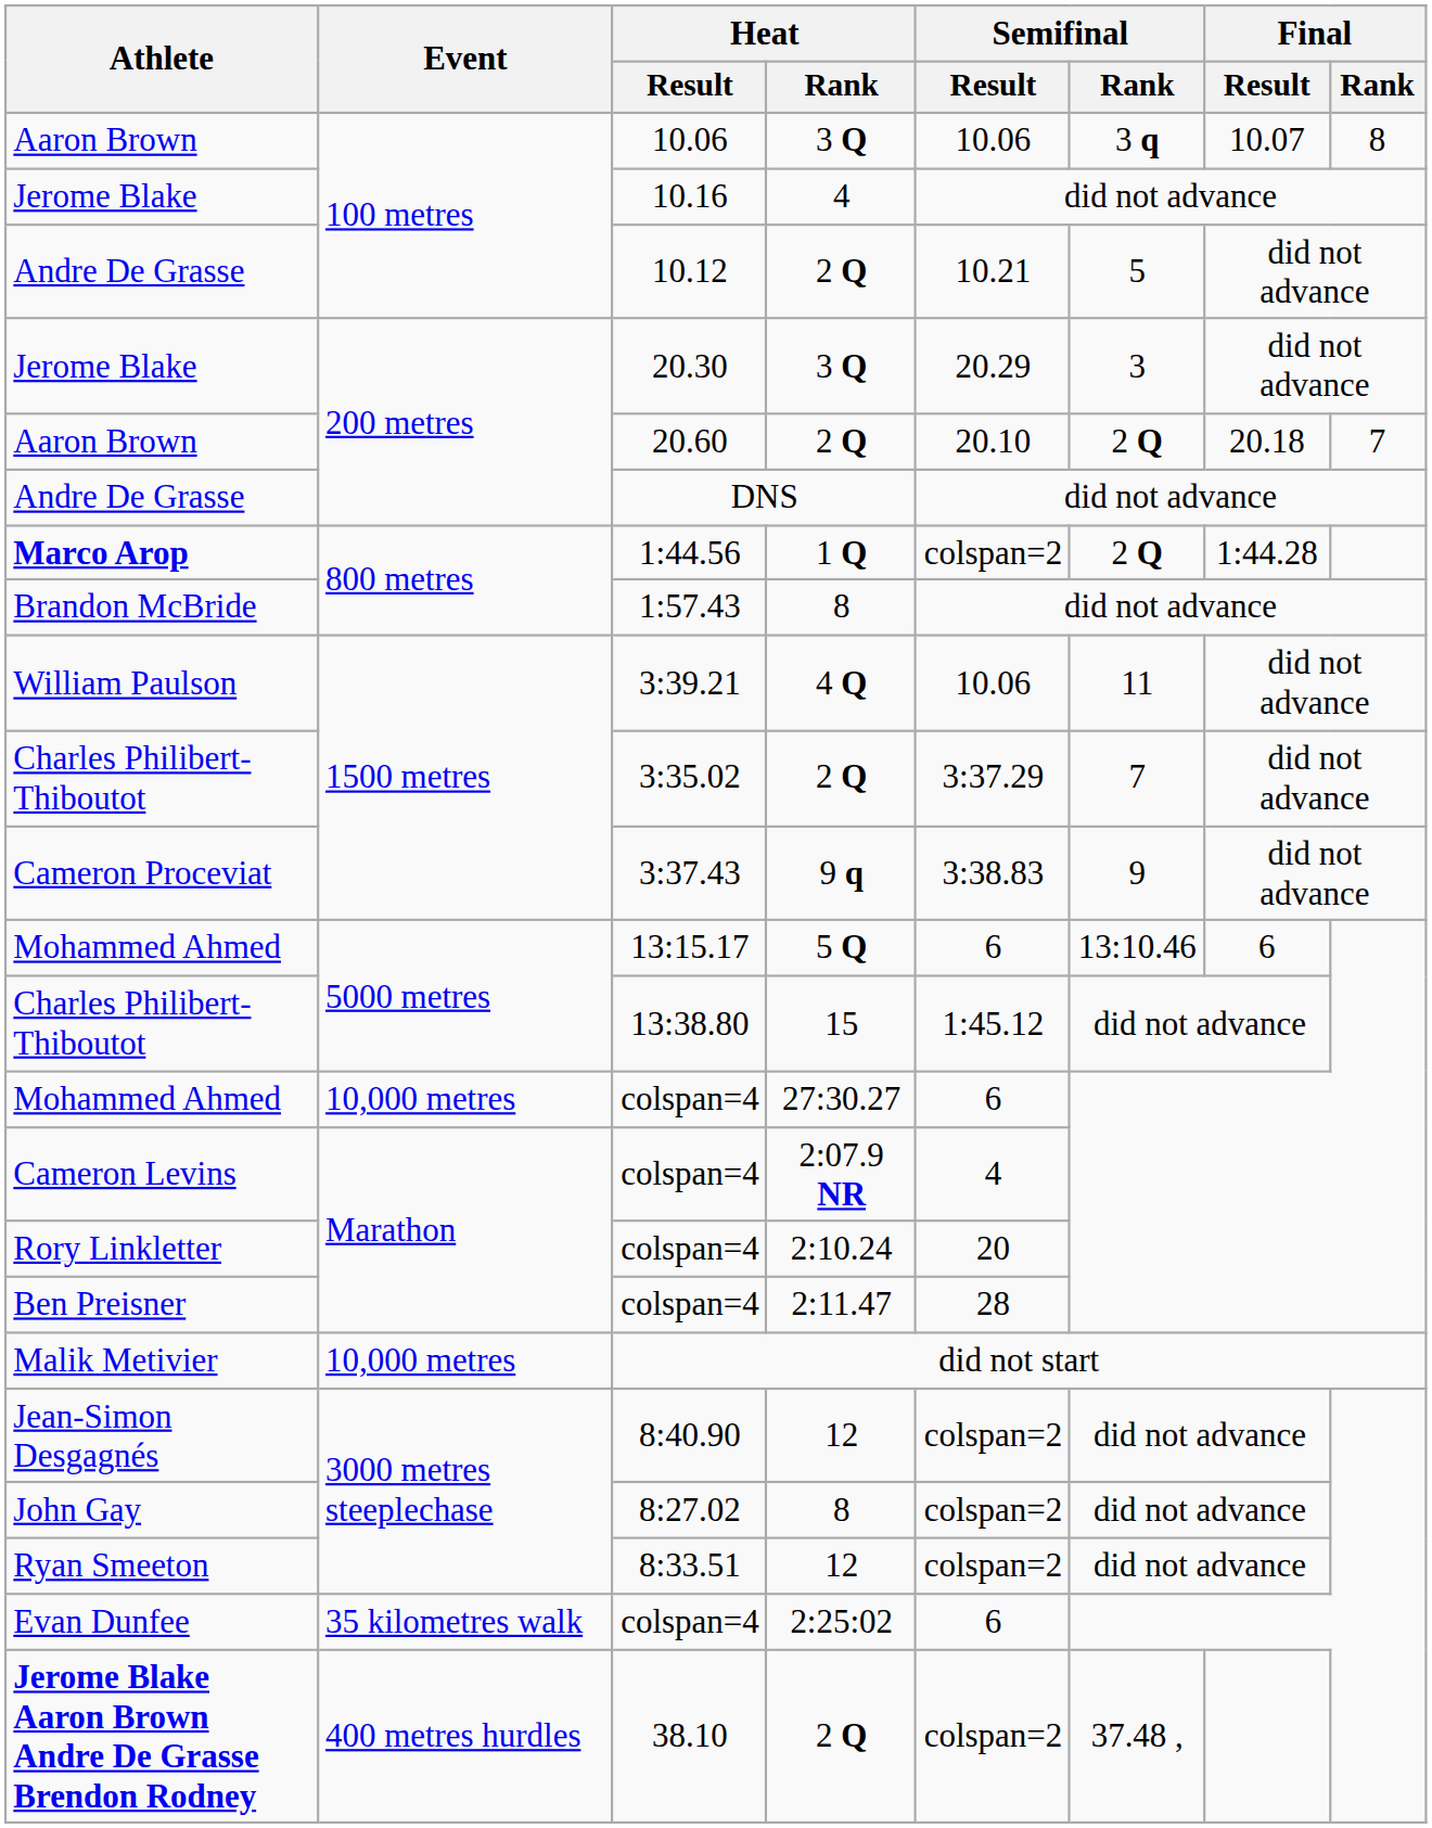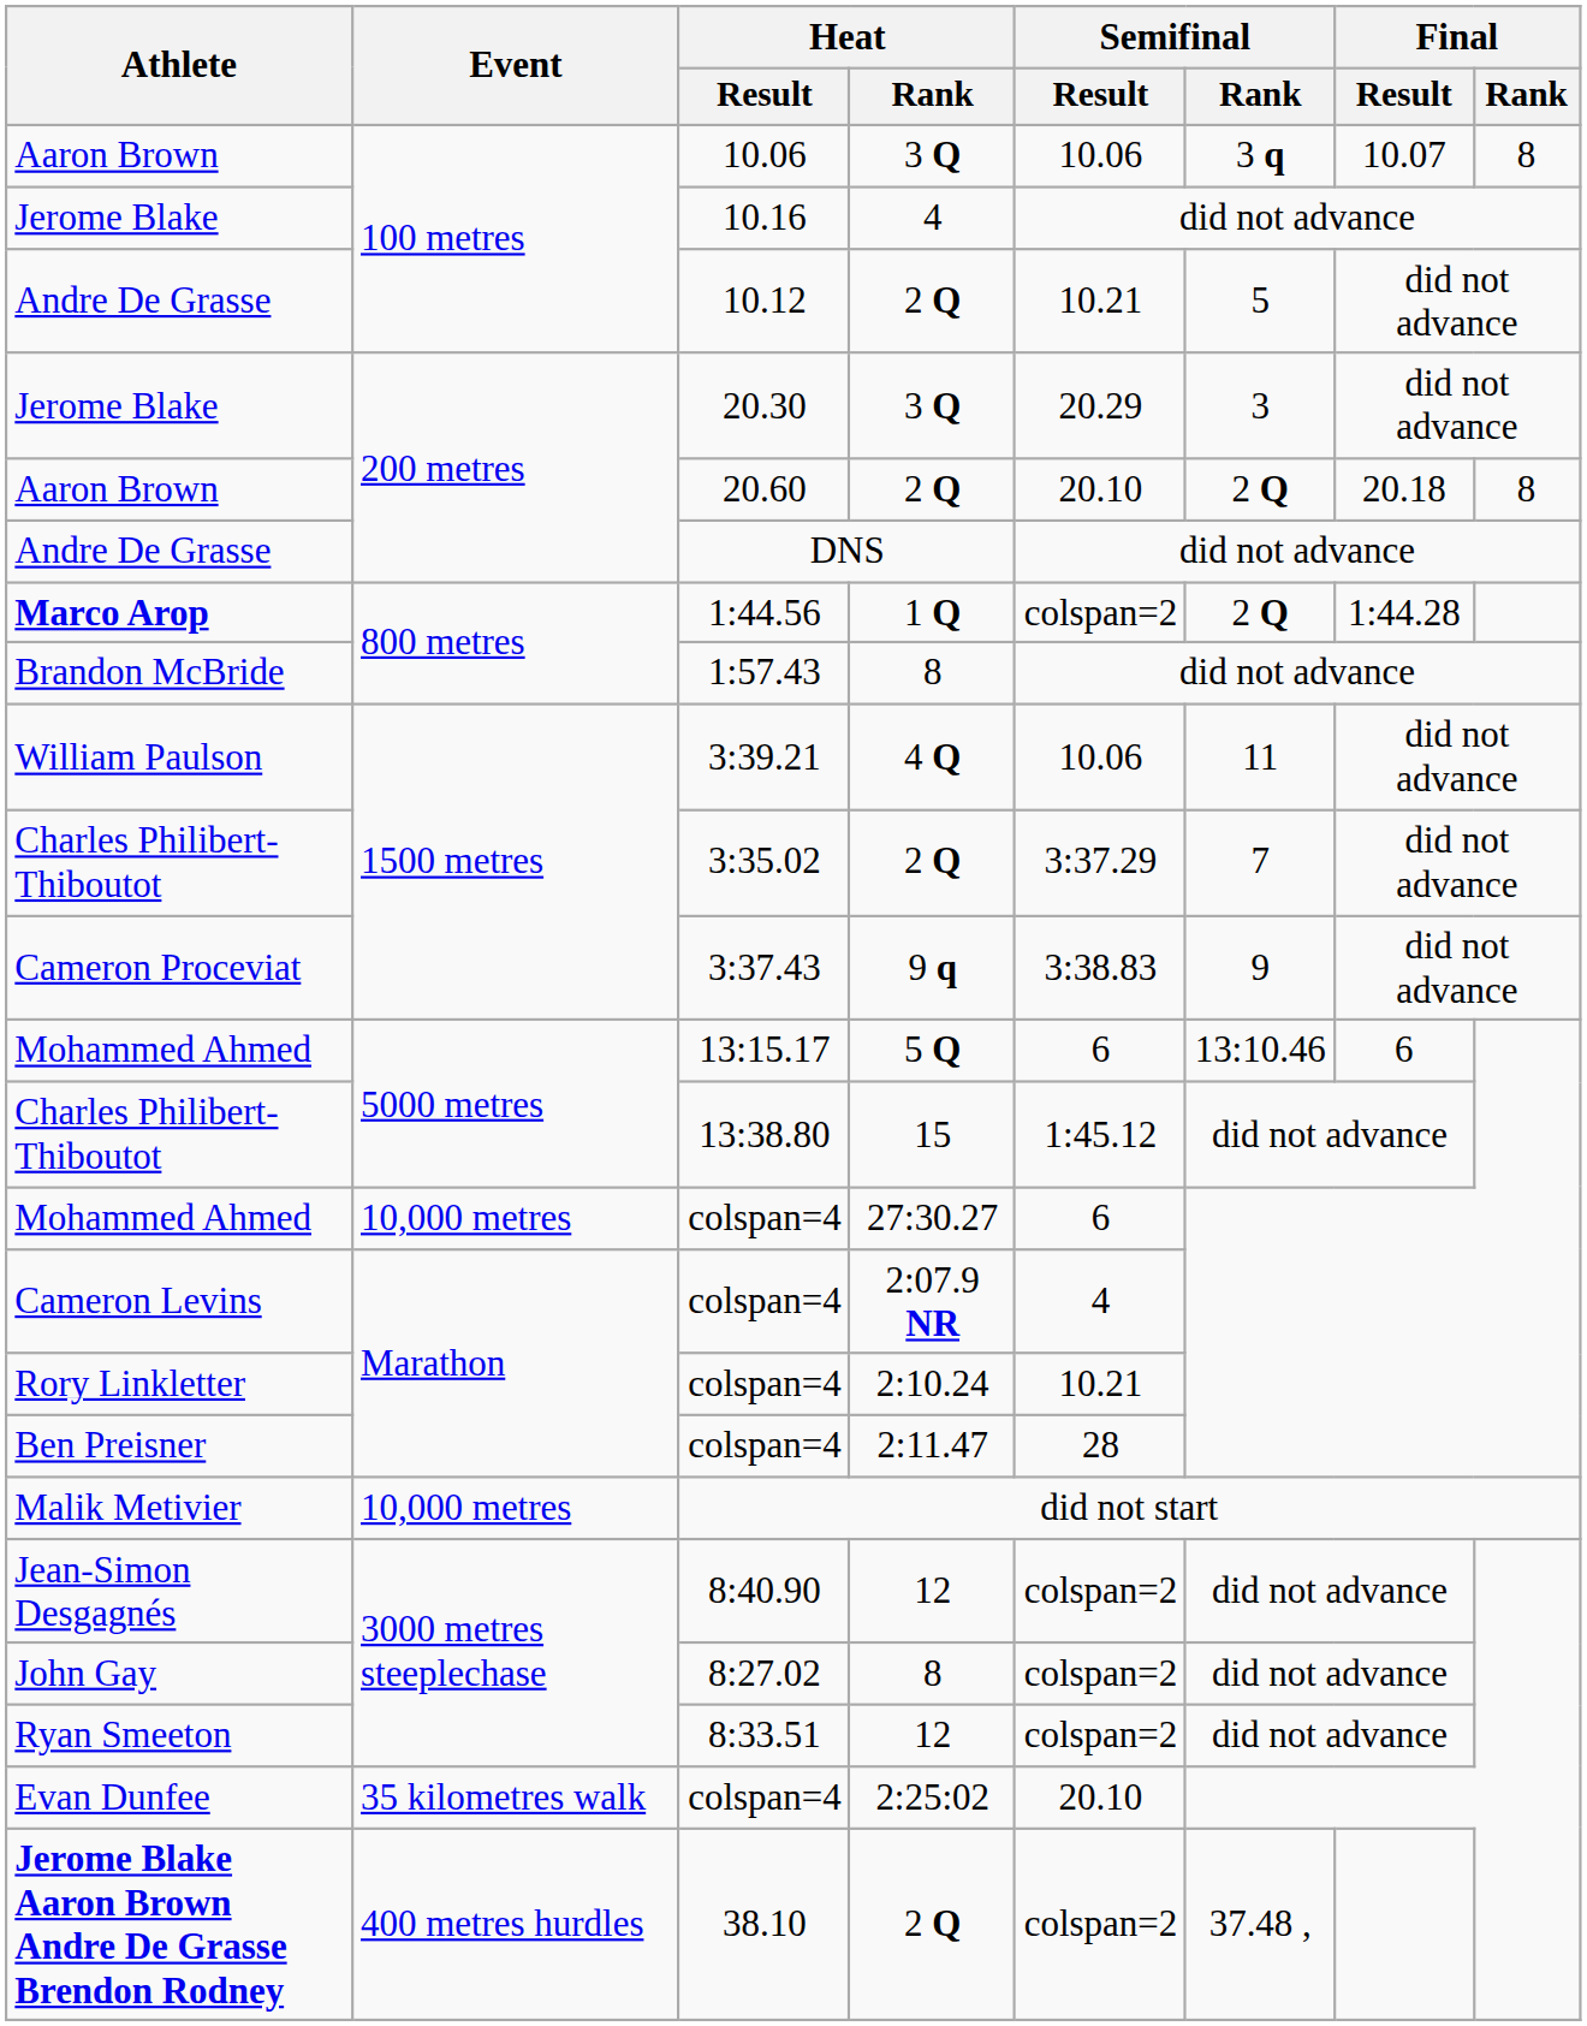 <table class="wikitable" style="font-size:90%">
 <tr>
 <th rowspan="2">Athlete</th>
 <th rowspan="2">Event</th>
 <th colspan="2">Heat</th>
 <th colspan="2">Semifinal</th>
 <th colspan="2">Final</th>
 </tr>
 <tr style="font-size:95%">
 <th>Result</th>
 <th>Rank</th>
 <th>Result</th>
 <th>Rank</th>
 <th>Result</th>
 <th>Rank</th>
 </tr>
 <tr align=center>
 <td align=left><a href='#'>Aaron Brown</a></td>
 <td align=left rowspan=3><a href='#'>100 metres</a></td>
 <td>10.06 </td>
 <td>3 <strong>Q</strong></td>
 <td>10.06</td>
 <td>3 <strong>q</strong></td>
 <td>10.07</td>
 <td>8</td>
 </tr>
 <tr align=center>
 <td align=left><a href='#'>Jerome Blake</a></td>
 <td>10.16</td>
 <td>4</td>
 <td colspan=4>did not advance</td>
 </tr>
 <tr align=center>
 <td align=left><a href='#'>Andre De Grasse</a></td>
 <td>10.12</td>
 <td>2 <strong>Q</strong></td>
 <td>10.21</td>
 <td>5</td>
 <td colspan="2">did not advance</td>
 </tr>
 <tr align=center>
 <td align=left><a href='#'>Jerome Blake</a></td>
 <td align=left rowspan=3><a href='#'>200 metres</a></td>
 <td>20.30</td>
 <td>3 <strong>Q</strong></td>
 <td>20.29</td>
 <td>3</td>
 <td colspan="2">did not advance</td>
 </tr>
 <tr align=center>
 <td align=left><a href='#'>Aaron Brown</a></td>
 <td>20.60</td>
 <td>2 <strong>Q</strong></td>
 <td>20.10</td>
 <td>2 <strong>Q</strong></td>
 <td>20.18</td>
-<td>7</td>
+<td>8</td>
 </tr>
 <tr align=center>
 <td align=left><a href='#'>Andre De Grasse</a></td>
 <td colspan="2">DNS</td>
 <td colspan="4">did not advance</td>
 </tr>
 <tr align=center>
 <td align=left><strong><a href='#'>Marco Arop</a></strong></td>
 <td align=left rowspan=2><a href='#'>800 metres</a></td>
 <td>1:44.56</td>
 <td>1 <strong>Q</strong></td>
 <td>colspan=2 </td>
 <td>2 <strong>Q</strong></td>
 <td>1:44.28</td>
 <td></td>
 </tr>
 <tr align=center>
 <td align=left><a href='#'>Brandon McBride</a></td>
 <td>1:57.43</td>
 <td>8</td>
 <td colspan="4">did not advance</td>
 </tr>
 <tr align=center>
 <td align=left><a href='#'>William Paulson</a></td>
 <td align=left rowspan=3><a href='#'>1500 metres</a></td>
 <td>3:39.21</td>
 <td>4 <strong>Q</strong></td>
 <td>10.06</td>
 <td>11</td>
 <td colspan="2">did not advance</td>
 </tr>
 <tr align=center>
 <td align=left><a href='#'>Charles Philibert-Thiboutot</a></td>
 <td>3:35.02</td>
 <td>2 <strong>Q</strong></td>
 <td>3:37.29</td>
 <td>7</td>
 <td colspan="2">did not advance</td>
 </tr>
 <tr align=center>
 <td align=left><a href='#'>Cameron Proceviat</a></td>
 <td>3:37.43</td>
 <td>9 <strong>q</strong></td>
 <td>3:38.83</td>
 <td>9</td>
 <td colspan="2">did not advance</td>
 </tr>
 <tr align=center>
 <td align=left><a href='#'>Mohammed Ahmed</a></td>
 <td align=left rowspan=2><a href='#'>5000 metres</a></td>
 <td>13:15.17</td>
 <td>5 <strong>Q</strong></td>
 <td>6</td>
 <td>13:10.46</td>
 <td>6</td>
 </tr>
 <tr align=center>
 <td align=left><a href='#'>Charles Philibert-Thiboutot</a></td>
 <td>13:38.80</td>
 <td>15</td>
 <td>1:45.12</td>
 <td colspan="2">did not advance</td>
 </tr>
 <tr align=center>
 <td align=left><a href='#'>Mohammed Ahmed</a></td>
 <td align=left><a href='#'>10,000 metres</a></td>
 <td>colspan=4 </td>
 <td>27:30.27</td>
 <td>6</td>
 </tr>
 <tr align=center>
 <td align=left><a href='#'>Cameron Levins</a></td>
 <td align=left rowspan=3><a href='#'>Marathon</a></td>
 <td>colspan=4 </td>
 <td>2:07.9 <strong><a href='#'>NR</a></strong></td>
 <td>4</td>
 </tr>
 <tr align=center>
 <td align=left><a href='#'>Rory Linkletter</a></td>
 <td>colspan=4 </td>
 <td>2:10.24</td>
-<td>20</td>
+<td>10.21</td>
 </tr>
 <tr align=center>
 <td align=left><a href='#'>Ben Preisner</a></td>
 <td>colspan=4 </td>
 <td>2:11.47</td>
 <td>28</td>
 </tr>
 <tr align=center>
 <td align=left><a href='#'>Malik Metivier</a></td>
 <td align=left><a href='#'>10,000 metres</a></td>
 <td colspan=6>did not start</td>
 </tr>
 <tr align=center>
 <td align=left><a href='#'>Jean-Simon Desgagnés</a></td>
 <td align=left rowspan=3><a href='#'>3000 metres steeplechase</a></td>
 <td>8:40.90</td>
 <td>12</td>
 <td>colspan=2 </td>
 <td colspan=2>did not advance</td>
 </tr>
 <tr align=center>
 <td align=left><a href='#'>John Gay</a></td>
 <td>8:27.02</td>
 <td>8</td>
 <td>colspan=2 </td>
 <td colspan=2>did not advance</td>
 </tr>
 <tr align=center>
 <td align=left><a href='#'>Ryan Smeeton</a></td>
 <td>8:33.51</td>
 <td>12</td>
 <td>colspan=2 </td>
 <td colspan=2>did not advance</td>
 </tr>
 <tr align=center>
 <td align=left><a href='#'>Evan Dunfee</a></td>
 <td align=left><a href='#'>35 kilometres walk</a></td>
 <td>colspan=4 </td>
 <td>2:25:02 </td>
-<td>6</td>
+<td>20.10</td>
 </tr>
 <tr align=center>
 <td align=left><strong><a href='#'>Jerome Blake</a><br><a href='#'>Aaron Brown</a><br><a href='#'>Andre De Grasse</a><br><a href='#'>Brendon Rodney</a></strong></td>
 <td align=left><a href='#'>400 metres hurdles</a></td>
 <td>38.10</td>
 <td>2 <strong>Q</strong></td>
 <td>colspan=2 </td>
 <td>37.48 , </td>
 <td></td>
 </tr>
 </table>
